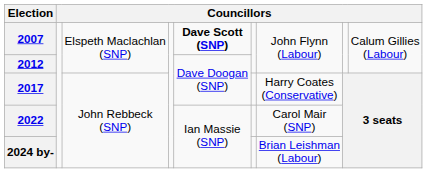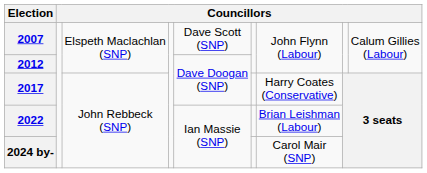 <table class="wikitable" style="text-align:center">
 <tr>
 <th>Election</th>
 <th colspan=8>Councillors</th>
 </tr>
 <tr>
 <th><a href='#'>2007</a></th>
 <td rowspan=5; style="background-color: "></td>
 <td rowspan=2>Elspeth Maclachlan<br>(<a href='#'>SNP</a>)</td>
 <td rowspan=5; style="background-color: "></td>
-<td rowspan=1><strong>Dave Scott<br>(<a href='#'>SNP</a>)</strong></td>
+<td rowspan=1>Dave Scott<br>(<a href='#'>SNP</a>)</td>
 <td rowspan=2; style="background-color: "></td>
 <td rowspan=2>John Flynn<br>(<a href='#'>Labour</a>)</td>
 <td rowspan=2; style="background-color: "></td>
 <td rowspan=2>Calum Gillies<br>(<a href='#'>Labour</a>)</td>
 </tr>
 <tr>
 <th><a href='#'>2012</a></th>
 <td rowspan=2><a href='#'>Dave Doogan</a><br>(<a href='#'>SNP</a>)</td>
 </tr>
 <tr>
 <th><a href='#'>2017</a></th>
 <td rowspan=3>John Rebbeck<br>(<a href='#'>SNP</a>)</td>
 <td rowspan=1; style="background-color: "></td>
 <td rowspan=1>Harry Coates<br>(<a href='#'>Conservative</a>)</td>
 <th colspan=2; rowspan=3>3 seats</th>
 </tr>
 <tr>
 <th><a href='#'>2022</a></th>
 <td rowspan=2>Ian Massie<br>(<a href='#'>SNP</a>)</td>
 <td rowspan=1; style="background-color: "></td>
-<td rowspan=1>Carol Mair<br>(<a href='#'>SNP</a>)</td>
+<td rowspan=1><a href='#'>Brian Leishman</a><br>(<a href='#'>Labour</a>)</td>
 </tr>
 <tr>
 <th>2024 by-</th>
 <td rowspan=1; style="background-color: "></td>
-<td rowspan=1><a href='#'>Brian Leishman</a><br>(<a href='#'>Labour</a>)</td>
+<td rowspan=1>Carol Mair<br>(<a href='#'>SNP</a>)</td>
 </tr>
 </table>
